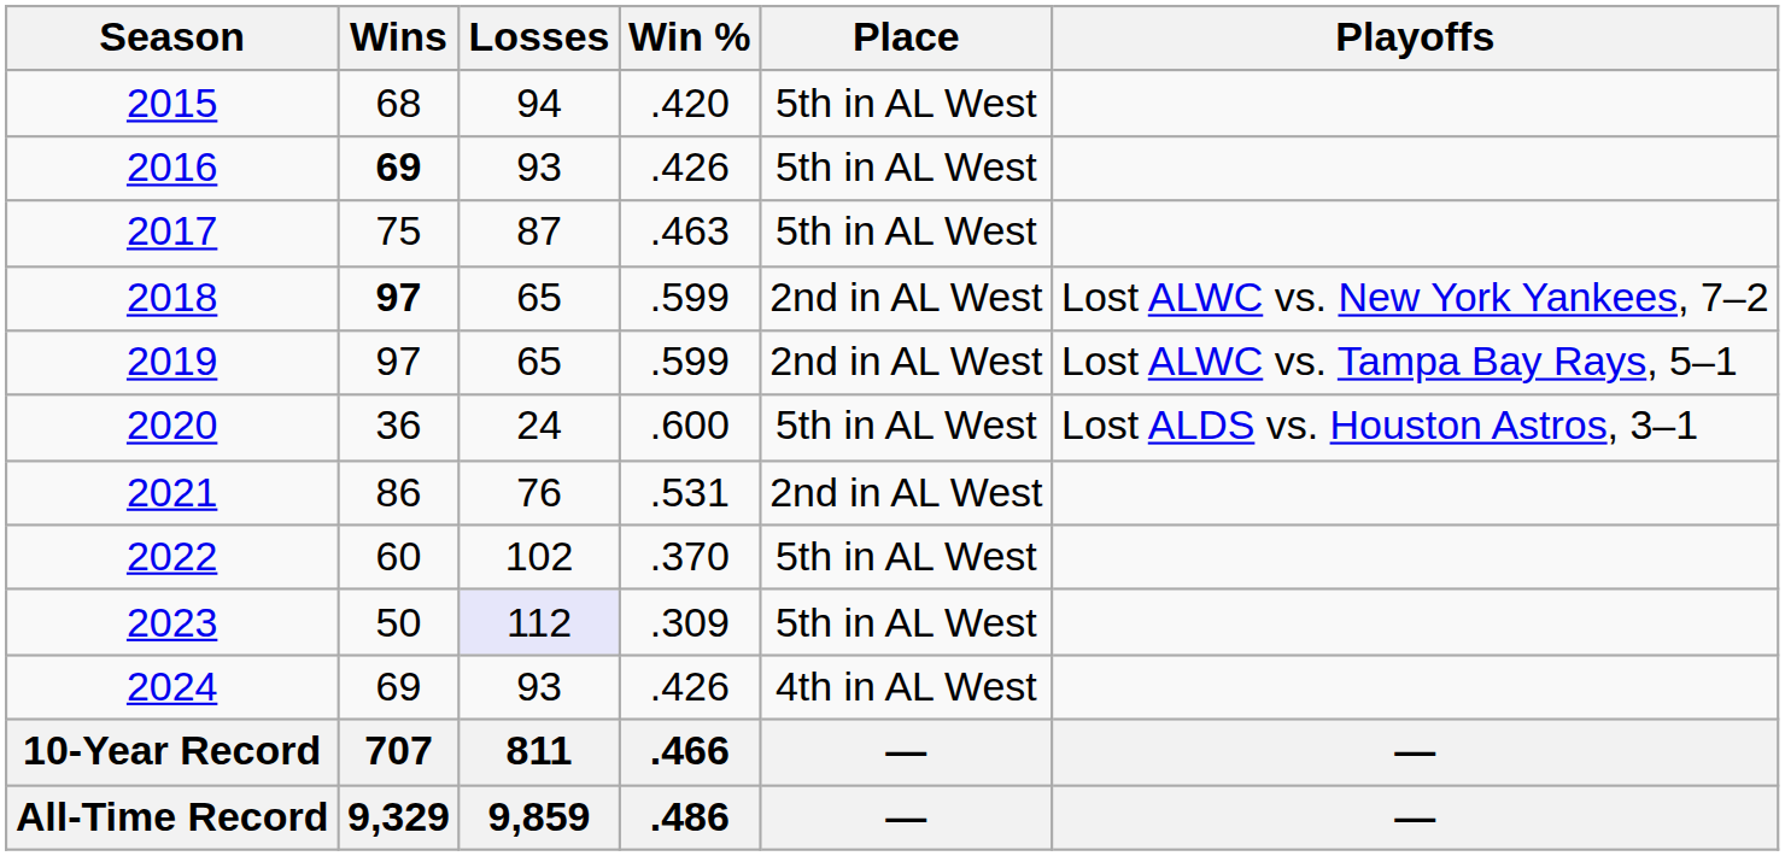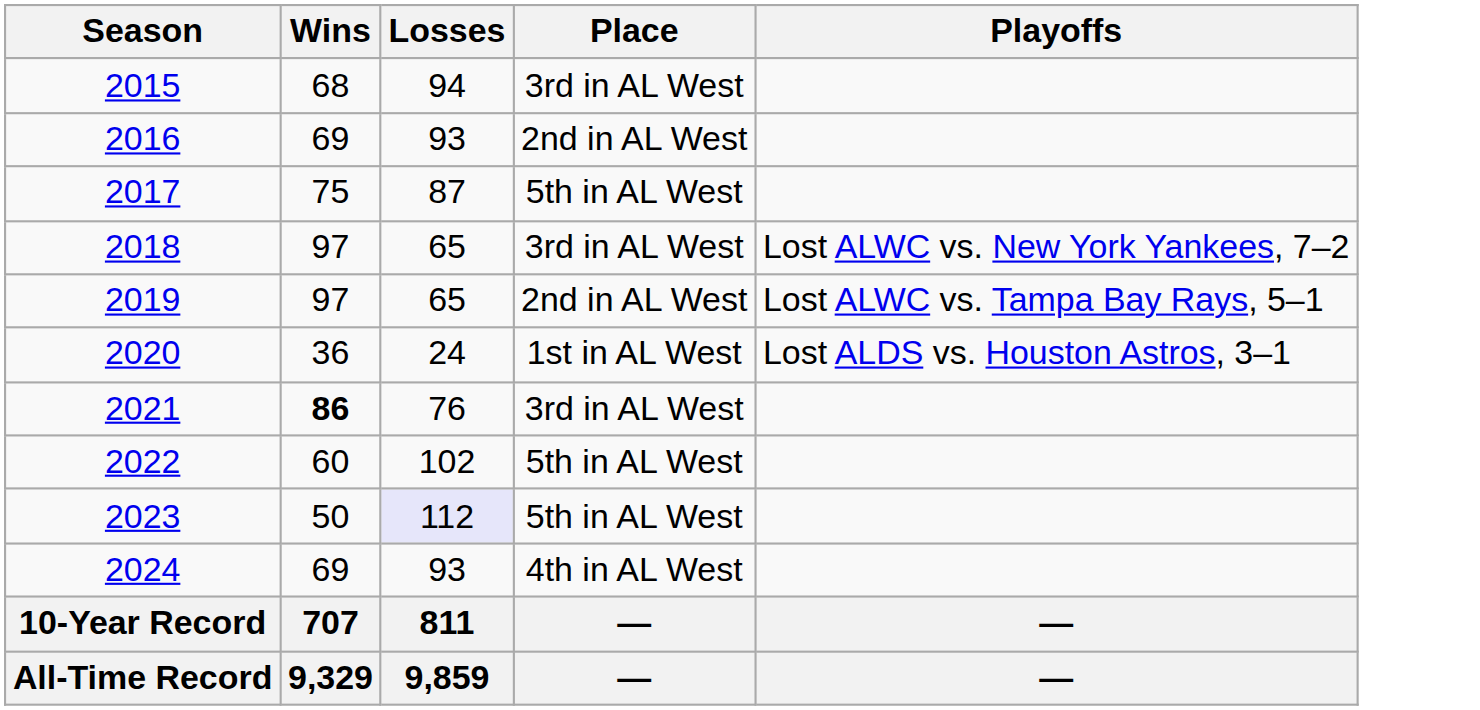 <table class="wikitable" style="text-align:center">
 <tr>
 <th>Season</th>
 <th>Wins</th>
 <th>Losses</th>
-<th>Win %</th>
 <th>Place</th>
 <th>Playoffs</th>
 </tr>
 <tr>
 <td><a href='#'>2015</a></td>
 <td>68</td>
 <td>94</td>
-<td>.420</td>
-<td>5th in AL West</td>
+<td>3rd in AL West</td>
 <td></td>
 </tr>
 <tr>
 <td><a href='#'>2016</a></td>
-<td><strong>69</strong></td>
+<td>69</td>
 <td>93</td>
-<td>.426</td>
-<td>5th in AL West</td>
+<td>2nd in AL West</td>
 <td></td>
 </tr>
 <tr>
 <td><a href='#'>2017</a></td>
 <td>75</td>
 <td>87</td>
-<td>.463</td>
 <td>5th in AL West</td>
 <td></td>
 </tr>
 <tr>
 <td><a href='#'>2018</a></td>
-<td><strong>97</strong></td>
+<td>97</td>
 <td>65</td>
-<td>.599</td>
-<td>2nd in AL West</td>
+<td>3rd in AL West</td>
 <td align="left">Lost <a href='#'>ALWC</a> vs. <a href='#'>New York Yankees</a>, 7–2</td>
 </tr>
 <tr>
 <td><a href='#'>2019</a></td>
 <td>97</td>
 <td>65</td>
-<td>.599</td>
 <td>2nd in AL West</td>
 <td align="left">Lost <a href='#'>ALWC</a> vs. <a href='#'>Tampa Bay Rays</a>, 5–1</td>
 </tr>
 <tr>
 <td><a href='#'>2020</a></td>
 <td>36</td>
 <td>24</td>
-<td>.600</td>
-<td>5th in AL West</td>
+<td>1st in AL West</td>
 <td align="left">Lost <a href='#'>ALDS</a> vs. <a href='#'>Houston Astros</a>, 3–1</td>
 </tr>
 <tr>
 <td><a href='#'>2021</a></td>
-<td>86</td>
+<td><strong>86</strong></td>
 <td>76</td>
-<td>.531</td>
-<td>2nd in AL West</td>
+<td>3rd in AL West</td>
 <td></td>
 </tr>
 <tr>
 <td><a href='#'>2022</a></td>
 <td>60</td>
 <td>102</td>
-<td>.370</td>
 <td>5th in AL West</td>
 <td></td>
 </tr>
 <tr>
 <td><a href='#'>2023</a></td>
 <td>50</td>
 <td style="background: lavender;">112</td>
-<td>.309</td>
 <td>5th in AL West</td>
 <td></td>
 </tr>
 <tr>
 <td><a href='#'>2024</a></td>
 <td>69</td>
 <td>93</td>
-<td>.426</td>
 <td>4th in AL West</td>
 <td></td>
 </tr>
 <tr>
 <th><strong>10-Year Record</strong></th>
 <th>707</th>
 <th>811</th>
-<th>.466</th>
 <th>—</th>
 <th>—</th>
 </tr>
 <tr>
 <th><strong>All-Time Record</strong></th>
 <th>9,329</th>
 <th>9,859</th>
-<th>.486</th>
 <th>—</th>
 <th>—</th>
 </tr>
 </table>
